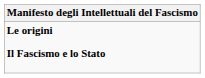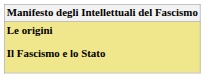 <table class="wikitable collapsible collapsed">
 <tr>
 <th> <strong>Manifesto degli Intellettuali del Fascismo</strong></th>
 </tr>
 <tr>
-<td><strong>Le origini</strong><br><blockquote></blockquote> <strong>Il Fascismo e lo Stato</strong> <blockquote></blockquote></td>
+<td style="background: khaki;"><strong>Le origini</strong><br><blockquote></blockquote> <strong>Il Fascismo e lo Stato</strong> <blockquote></blockquote></td>
 </tr>
 </table>
